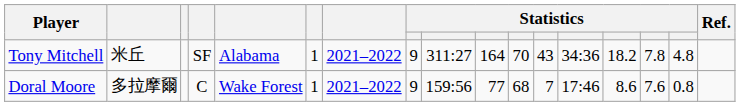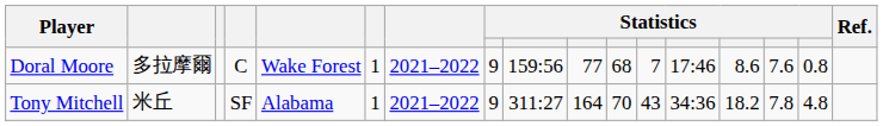 <table class="wikitable sortable" style="font-size:95%; text-align:right;">
 <tr>
 <th rowspan="2">Player</th>
 <th rowspan="2"></th>
 <th rowspan="2"></th>
 <th rowspan="2"></th>
 <th rowspan="2"></th>
 <th rowspan="2"></th>
 <th rowspan="2"></th>
 <th colspan="9">Statistics</th>
 <th rowspan="2">Ref.</th>
 </tr>
 <tr>
 <th></th>
 <th></th>
 <th></th>
 <th></th>
 <th></th>
 <th></th>
 <th></th>
 <th></th>
 <th></th>
 </tr>
 <tr>
+<td align="left"><a href='#'>Doral Moore</a></td>
+<td align="left">多拉摩爾</td>
+<td align="center"></td>
+<td align="center">C</td>
+<td align="left"><a href='#'>Wake Forest</a></td>
+<td align="center">1</td>
+<td align="center"><a href='#'>2021–2022</a></td>
+<td>9</td>
+<td>159:56</td>
+<td>77</td>
+<td>68</td>
+<td>7</td>
+<td>17:46</td>
+<td>8.6</td>
+<td>7.6</td>
+<td>0.8</td>
+<td align="center"></td>
+</tr>
+<tr>
 <td align="left"><a href='#'>Tony Mitchell</a></td>
 <td align="left">米丘</td>
 <td align="center"></td>
 <td align="center">SF</td>
 <td align="left"><a href='#'>Alabama</a></td>
 <td align="center">1</td>
 <td align="center"><a href='#'>2021–2022</a></td>
 <td>9</td>
 <td>311:27</td>
 <td>164</td>
 <td>70</td>
 <td>43</td>
 <td>34:36</td>
 <td>18.2</td>
 <td>7.8</td>
 <td>4.8</td>
 <td align="center"></td>
 </tr>
-<tr>
-<td align="left"><a href='#'>Doral Moore</a></td>
-<td align="left">多拉摩爾</td>
-<td align="center"></td>
-<td align="center">C</td>
-<td align="left"><a href='#'>Wake Forest</a></td>
-<td align="center">1</td>
-<td align="center"><a href='#'>2021–2022</a></td>
-<td>9</td>
-<td>159:56</td>
-<td>77</td>
-<td>68</td>
-<td>7</td>
-<td>17:46</td>
-<td>8.6</td>
-<td>7.6</td>
-<td>0.8</td>
-<td align="center"></td>
-</tr>
 </table>
